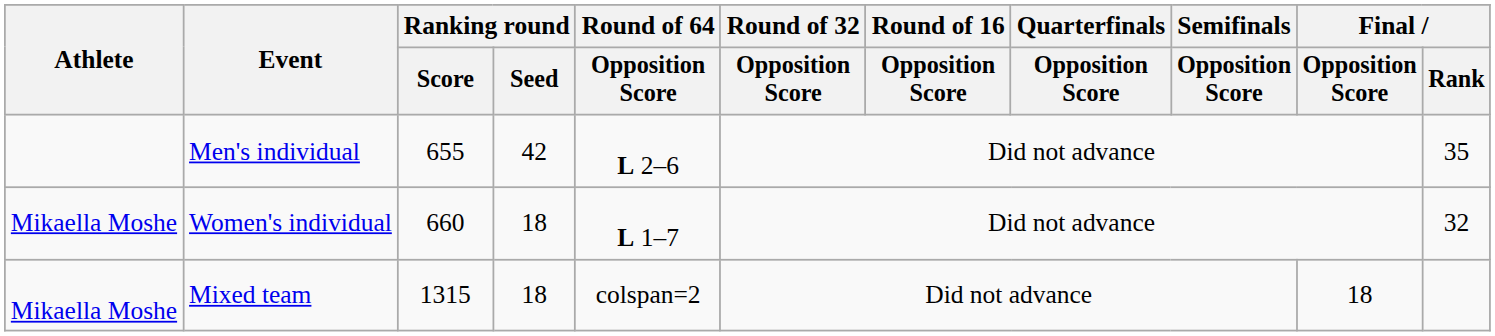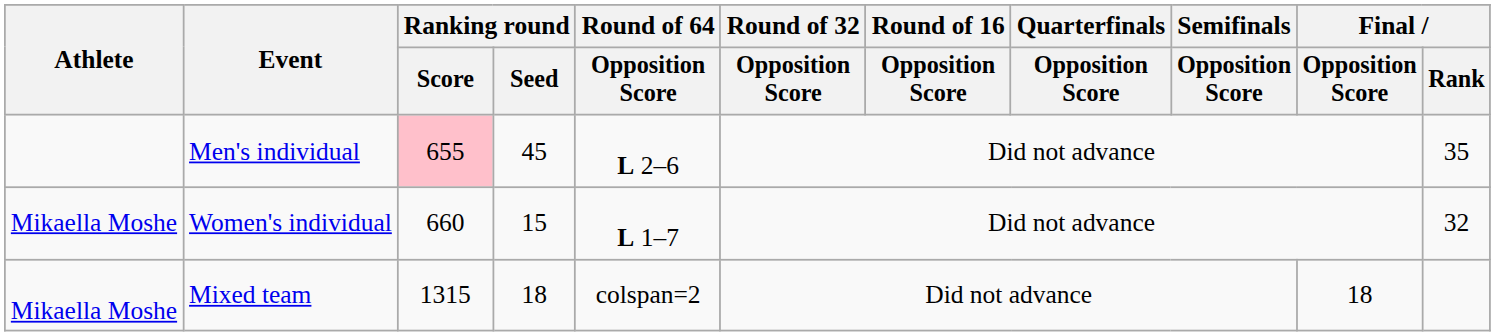 <table class="wikitable" style="font-size:90%; text-align:center">
 <tr>
 <th rowspan=2>Athlete</th>
 <th rowspan=2>Event</th>
 <th colspan="2">Ranking round</th>
 <th>Round of 64</th>
 <th>Round of 32</th>
 <th>Round of 16</th>
 <th>Quarterfinals</th>
 <th>Semifinals</th>
 <th colspan="2">Final / </th>
 </tr>
 <tr style="font-size:95%">
 <th>Score</th>
 <th>Seed</th>
 <th>Opposition<br>Score</th>
 <th>Opposition<br>Score</th>
 <th>Opposition<br>Score</th>
 <th>Opposition<br>Score</th>
 <th>Opposition<br>Score</th>
 <th>Opposition<br>Score</th>
 <th>Rank</th>
 </tr>
 <tr>
 <td align=left></td>
 <td align=left><a href='#'>Men's individual</a></td>
-<td>655</td>
-<td>42</td>
+<td style="background: pink;">655</td>
+<td>45</td>
 <td><br><strong>L</strong> 2–6</td>
 <td colspan=5>Did not advance</td>
 <td>35</td>
 </tr>
 <tr>
 <td align=left><a href='#'>Mikaella Moshe</a></td>
 <td align=left><a href='#'>Women's individual</a></td>
 <td>660</td>
-<td>18</td>
+<td>15</td>
 <td><br><strong>L</strong> 1–7</td>
 <td colspan=5>Did not advance</td>
 <td>32</td>
 </tr>
 <tr>
 <td align=left><br><a href='#'>Mikaella Moshe</a></td>
 <td align=left><a href='#'>Mixed team</a></td>
 <td>1315</td>
 <td>18</td>
 <td>colspan=2 </td>
 <td colspan=4>Did not advance</td>
 <td>18</td>
 </tr>
 </table>
